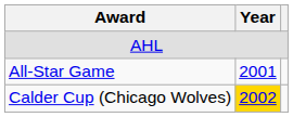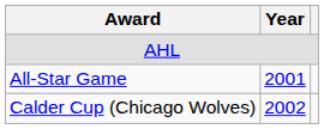 <table class="wikitable">
 <tr>
 <th>Award</th>
 <th>Year</th>
 <th></th>
 </tr>
 <tr ALIGN="center" bgcolor="#e0e0e0">
 <td colspan="3"><a href='#'>AHL</a></td>
 </tr>
 <tr>
 <td><a href='#'>All-Star Game</a></td>
 <td><a href='#'>2001</a></td>
 <td></td>
 </tr>
 <tr>
 <td><a href='#'>Calder Cup</a> (Chicago Wolves)</td>
-<td style="background: gold;"><a href='#'>2002</a></td>
+<td><a href='#'>2002</a></td>
 <td></td>
 </tr>
 </table>
